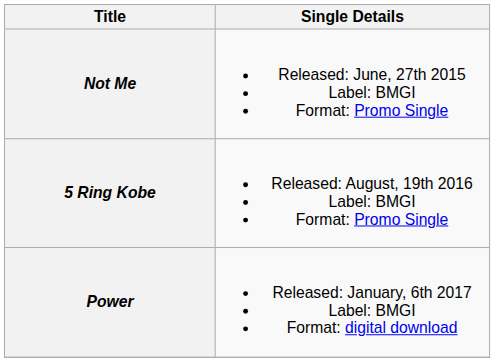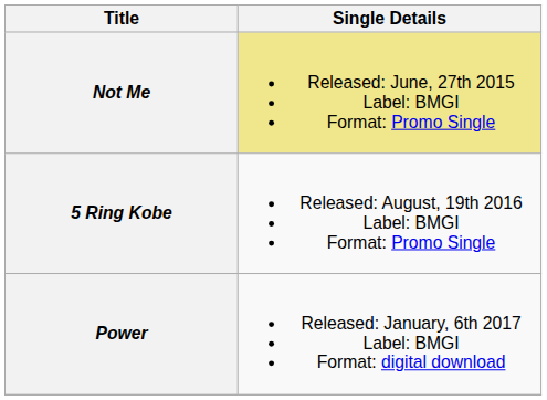 <table class="wikitable plainrowheaders" style="text-align:center;">
 <tr>
 <th scope="col" style="width:13em;">Title</th>
 <th scope="col" style="width:17em;">Single Details</th>
 </tr>
 <tr>
 <th scope="row"><em>Not Me</em></th>
-<td><br><ul><li>Released: June, 27th 2015</li><li>Label: BMGI</li><li>Format: <a href='#'>Promo Single</a></li></ul></td>
+<td style="background: khaki;"><br><ul><li>Released: June, 27th 2015</li><li>Label: BMGI</li><li>Format: <a href='#'>Promo Single</a></li></ul></td>
 </tr>
 <tr>
 <th scope="row"><em>5 Ring Kobe</em></th>
 <td><br><ul><li>Released: August, 19th 2016</li><li>Label: BMGI</li><li>Format: <a href='#'>Promo Single</a></li></ul></td>
 </tr>
 <tr>
 <th scope="row"><em>Power</em></th>
 <td><br><ul><li>Released: January, 6th 2017</li><li>Label: BMGI</li><li>Format: <a href='#'>digital download</a></li></ul></td>
 </tr>
 <tr>
 </tr>
 </table>
